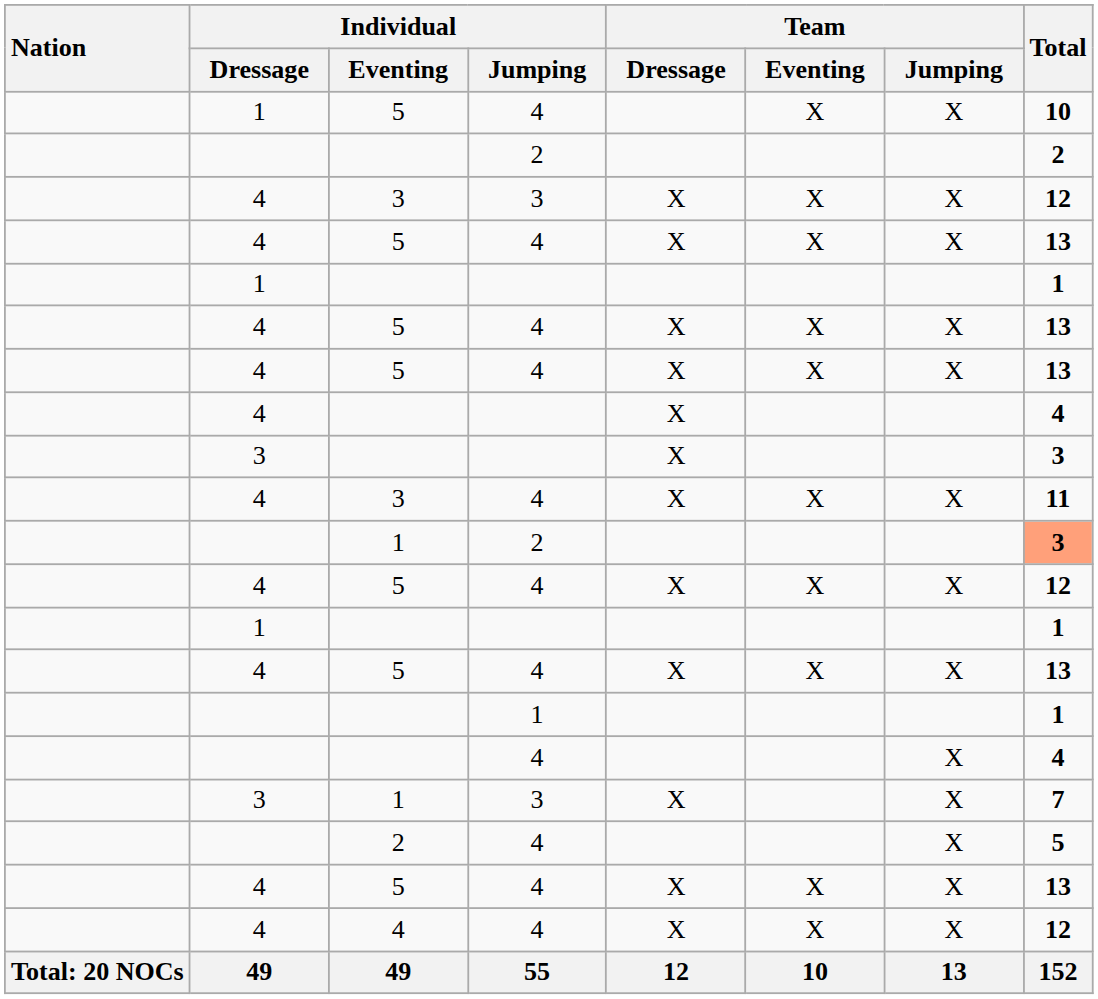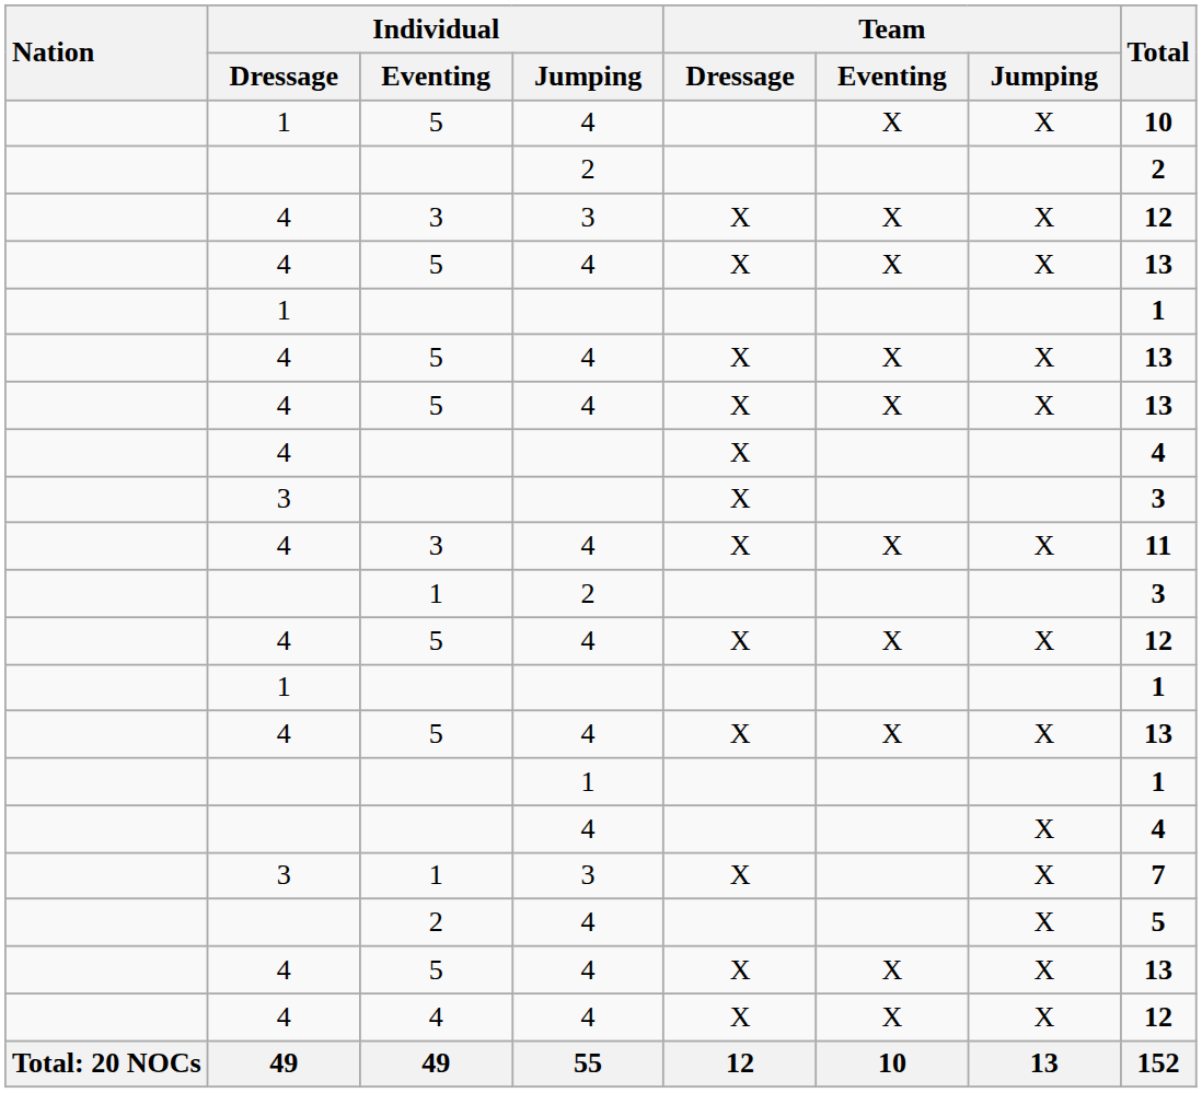 <table class="wikitable" style="text-align:center; font-size:90%">
 <tr>
 <th rowspan="2" style="text-align:left;">Nation</th>
 <th colspan="3">Individual</th>
 <th colspan="3">Team</th>
 <th rowspan="2">Total</th>
 </tr>
 <tr>
 <th width=70>Dressage</th>
 <th width=70>Eventing</th>
 <th width=70>Jumping</th>
 <th width=70>Dressage</th>
 <th width=70>Eventing</th>
 <th width=70>Jumping</th>
 </tr>
 <tr>
 <td style="text-align:left;"></td>
 <td>1</td>
 <td>5</td>
 <td>4</td>
 <td></td>
 <td>X</td>
 <td>X</td>
 <td><strong>10</strong></td>
 </tr>
 <tr>
 <td style="text-align:left;"></td>
 <td></td>
 <td></td>
 <td>2</td>
 <td></td>
 <td></td>
 <td></td>
 <td><strong>2</strong></td>
 </tr>
 <tr>
 <td style="text-align:left;"></td>
 <td>4</td>
 <td>3</td>
 <td>3</td>
 <td>X</td>
 <td>X</td>
 <td>X</td>
 <td><strong>12</strong></td>
 </tr>
 <tr>
 <td style="text-align:left;"></td>
 <td>4</td>
 <td>5</td>
 <td>4</td>
 <td>X</td>
 <td>X</td>
 <td>X</td>
 <td><strong>13</strong></td>
 </tr>
 <tr>
 <td style="text-align:left;"></td>
 <td>1</td>
 <td></td>
 <td></td>
 <td></td>
 <td></td>
 <td></td>
 <td><strong>1</strong></td>
 </tr>
 <tr>
 <td style="text-align:left;"></td>
 <td>4</td>
 <td>5</td>
 <td>4</td>
 <td>X</td>
 <td>X</td>
 <td>X</td>
 <td><strong>13</strong></td>
 </tr>
 <tr>
 <td style="text-align:left;"></td>
 <td>4</td>
 <td>5</td>
 <td>4</td>
 <td>X</td>
 <td>X</td>
 <td>X</td>
 <td><strong>13</strong></td>
 </tr>
 <tr>
 <td style="text-align:left;"></td>
 <td>4</td>
 <td></td>
 <td></td>
 <td>X</td>
 <td></td>
 <td></td>
 <td><strong>4</strong></td>
 </tr>
 <tr>
 <td style="text-align:left;"></td>
 <td>3</td>
 <td></td>
 <td></td>
 <td>X</td>
 <td></td>
 <td></td>
 <td><strong>3</strong></td>
 </tr>
 <tr>
 <td style="text-align:left;"></td>
 <td>4</td>
 <td>3</td>
 <td>4</td>
 <td>X</td>
 <td>X</td>
 <td>X</td>
 <td><strong>11</strong></td>
 </tr>
 <tr>
 <td style="text-align:left;"></td>
 <td></td>
 <td>1</td>
 <td>2</td>
 <td></td>
 <td></td>
 <td></td>
-<td style="background: lightsalmon;"><strong>3</strong></td>
+<td><strong>3</strong></td>
 </tr>
 <tr>
 <td style="text-align:left;"></td>
 <td>4</td>
 <td>5</td>
 <td>4</td>
 <td>X</td>
 <td>X</td>
 <td>X</td>
 <td><strong>12</strong></td>
 </tr>
 <tr>
 <td style="text-align:left;"></td>
 <td>1</td>
 <td></td>
 <td></td>
 <td></td>
 <td></td>
 <td></td>
 <td><strong>1</strong></td>
 </tr>
 <tr>
 <td style="text-align:left;"></td>
 <td>4</td>
 <td>5</td>
 <td>4</td>
 <td>X</td>
 <td>X</td>
 <td>X</td>
 <td><strong>13</strong></td>
 </tr>
 <tr>
 <td style="text-align:left;"></td>
 <td></td>
 <td></td>
 <td>1</td>
 <td></td>
 <td></td>
 <td></td>
 <td><strong>1</strong></td>
 </tr>
 <tr>
 <td style="text-align:left;"></td>
 <td></td>
 <td></td>
 <td>4</td>
 <td></td>
 <td></td>
 <td>X</td>
 <td><strong>4</strong></td>
 </tr>
 <tr>
 <td style="text-align:left;"></td>
 <td>3</td>
 <td>1</td>
 <td>3</td>
 <td>X</td>
 <td></td>
 <td>X</td>
 <td><strong>7</strong></td>
 </tr>
 <tr>
 <td style="text-align:left;"></td>
 <td></td>
 <td>2</td>
 <td>4</td>
 <td></td>
 <td></td>
 <td>X</td>
 <td><strong>5</strong></td>
 </tr>
 <tr>
 <td style="text-align:left;"></td>
 <td>4</td>
 <td>5</td>
 <td>4</td>
 <td>X</td>
 <td>X</td>
 <td>X</td>
 <td><strong>13</strong></td>
 </tr>
 <tr>
 <td style="text-align:left;"></td>
 <td>4</td>
 <td>4</td>
 <td>4</td>
 <td>X</td>
 <td>X</td>
 <td>X</td>
 <td><strong>12</strong></td>
 </tr>
 <tr>
 <th>Total: 20 NOCs</th>
 <th>49</th>
 <th>49</th>
 <th>55</th>
 <th>12</th>
 <th>10</th>
 <th>13</th>
 <th>152</th>
 </tr>
 </table>
